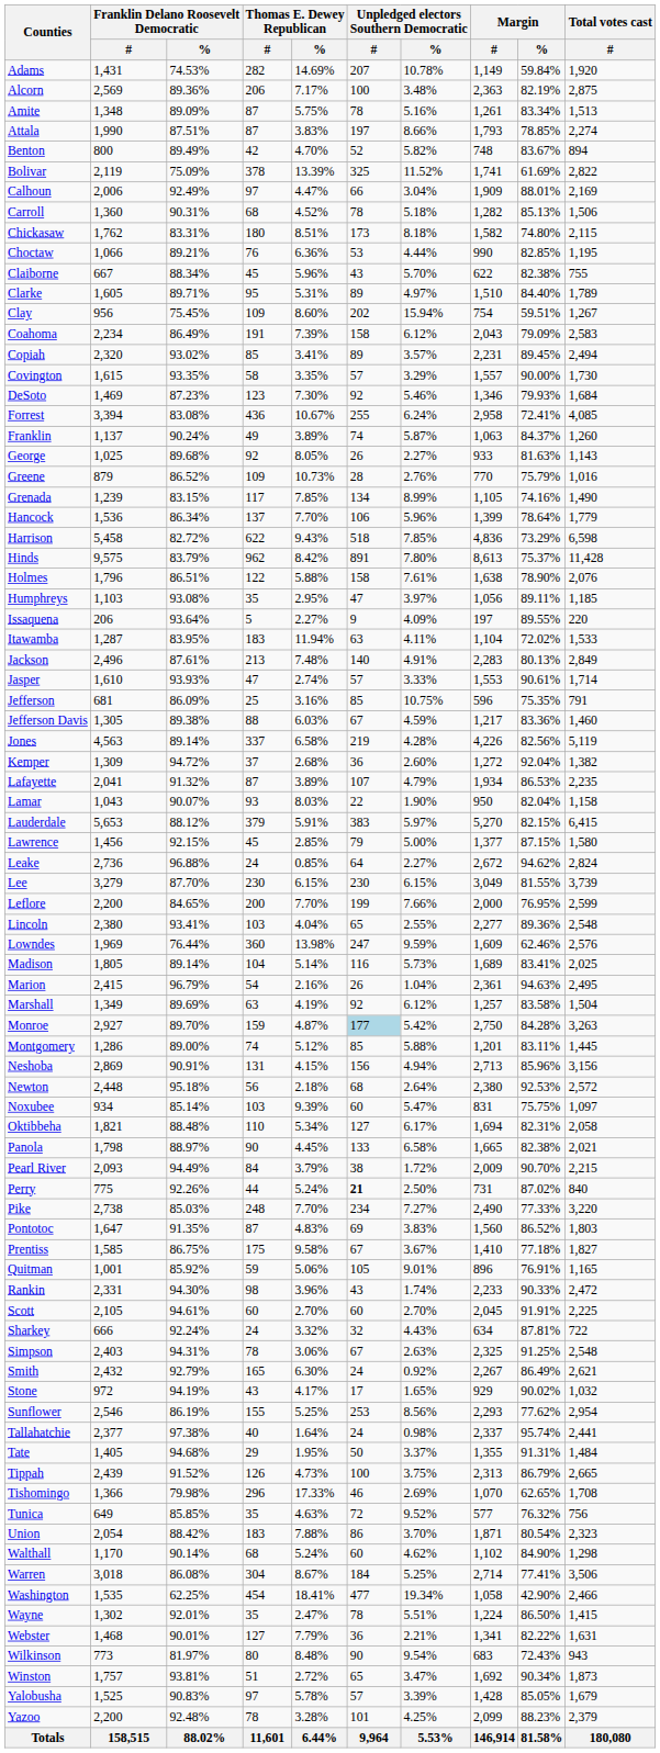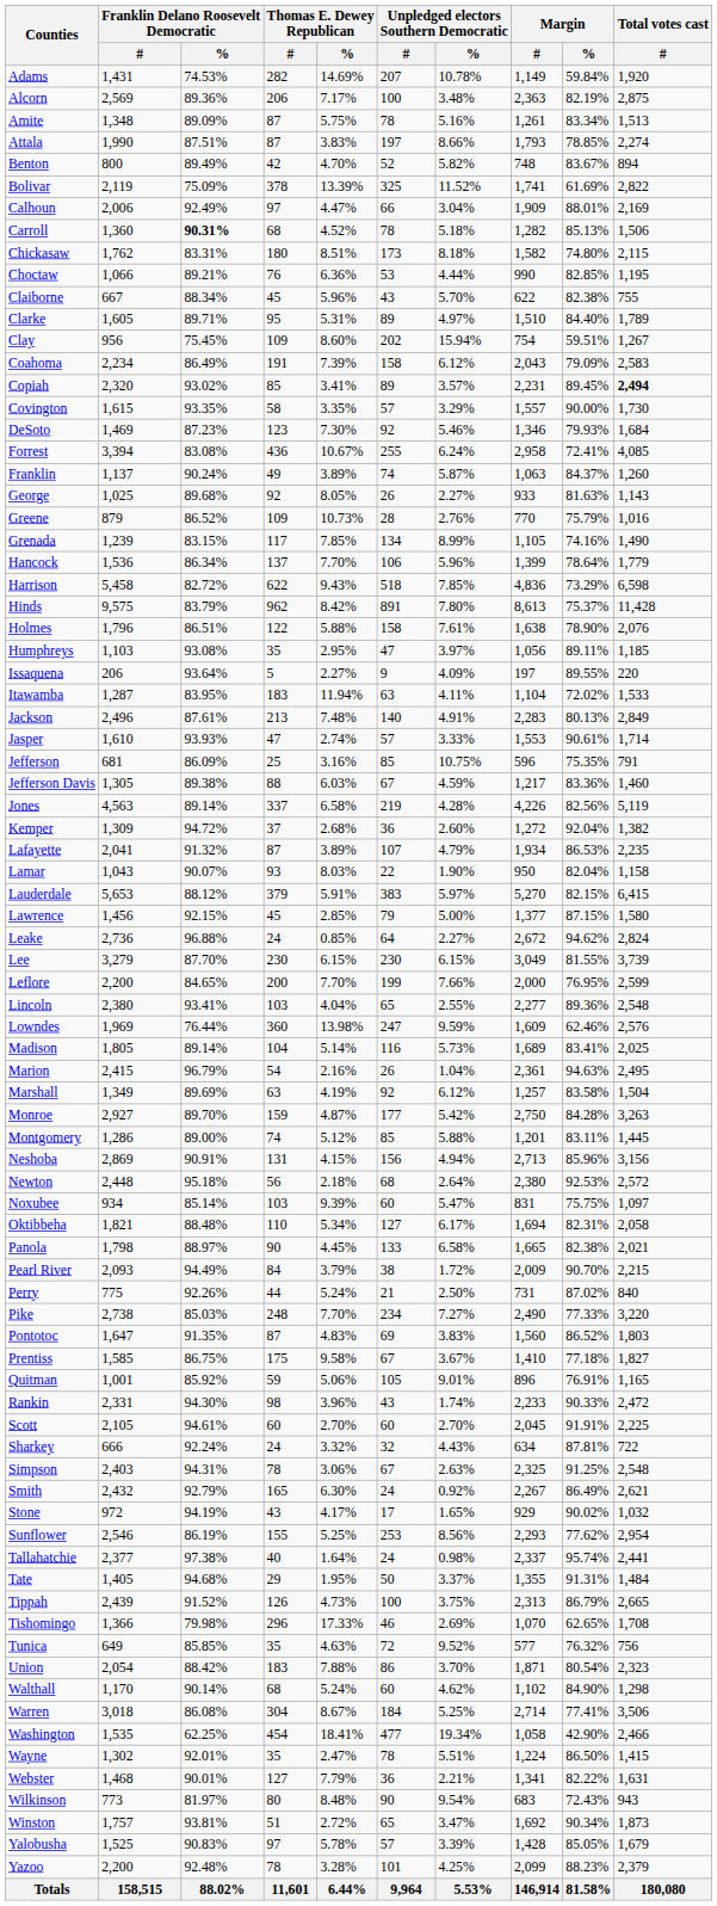 <table class="wikitable sortable">
 <tr>
 <th rowspan="2">Counties</th>
 <th colspan="2">Franklin Delano Roosevelt<br>Democratic</th>
 <th colspan="2">Thomas E. Dewey<br>Republican</th>
 <th colspan="2">Unpledged electors<br>Southern Democratic</th>
 <th colspan="2">Margin</th>
 <th>Total votes cast</th>
 </tr>
 <tr>
 <th>#</th>
 <th>%</th>
 <th>#</th>
 <th>%</th>
 <th>#</th>
 <th>%</th>
 <th>#</th>
 <th>%</th>
 <th>#</th>
 </tr>
 <tr>
 <td><a href='#'>Adams</a></td>
 <td>1,431</td>
 <td>74.53%</td>
 <td>282</td>
 <td>14.69%</td>
 <td>207</td>
 <td>10.78%</td>
 <td>1,149</td>
 <td>59.84%</td>
 <td>1,920</td>
 </tr>
 <tr>
 <td><a href='#'>Alcorn</a></td>
 <td>2,569</td>
 <td>89.36%</td>
 <td>206</td>
 <td>7.17%</td>
 <td>100</td>
 <td>3.48%</td>
 <td>2,363</td>
 <td>82.19%</td>
 <td>2,875</td>
 </tr>
 <tr>
 <td><a href='#'>Amite</a></td>
 <td>1,348</td>
 <td>89.09%</td>
 <td>87</td>
 <td>5.75%</td>
 <td>78</td>
 <td>5.16%</td>
 <td>1,261</td>
 <td>83.34%</td>
 <td>1,513</td>
 </tr>
 <tr>
 <td><a href='#'>Attala</a></td>
 <td>1,990</td>
 <td>87.51%</td>
 <td>87</td>
 <td>3.83%</td>
 <td>197</td>
 <td>8.66%</td>
 <td>1,793</td>
 <td>78.85%</td>
 <td>2,274</td>
 </tr>
 <tr>
 <td><a href='#'>Benton</a></td>
 <td>800</td>
 <td>89.49%</td>
 <td>42</td>
 <td>4.70%</td>
 <td>52</td>
 <td>5.82%</td>
 <td>748</td>
 <td>83.67%</td>
 <td>894</td>
 </tr>
 <tr>
 <td><a href='#'>Bolivar</a></td>
 <td>2,119</td>
 <td>75.09%</td>
 <td>378</td>
 <td>13.39%</td>
 <td>325</td>
 <td>11.52%</td>
 <td>1,741</td>
 <td>61.69%</td>
 <td>2,822</td>
 </tr>
 <tr>
 <td><a href='#'>Calhoun</a></td>
 <td>2,006</td>
 <td>92.49%</td>
 <td>97</td>
 <td>4.47%</td>
 <td>66</td>
 <td>3.04%</td>
 <td>1,909</td>
 <td>88.01%</td>
 <td>2,169</td>
 </tr>
 <tr>
 <td><a href='#'>Carroll</a></td>
 <td>1,360</td>
-<td>90.31%</td>
+<td><strong>90.31%</strong></td>
 <td>68</td>
 <td>4.52%</td>
 <td>78</td>
 <td>5.18%</td>
 <td>1,282</td>
 <td>85.13%</td>
 <td>1,506</td>
 </tr>
 <tr>
 <td><a href='#'>Chickasaw</a></td>
 <td>1,762</td>
 <td>83.31%</td>
 <td>180</td>
 <td>8.51%</td>
 <td>173</td>
 <td>8.18%</td>
 <td>1,582</td>
 <td>74.80%</td>
 <td>2,115</td>
 </tr>
 <tr>
 <td><a href='#'>Choctaw</a></td>
 <td>1,066</td>
 <td>89.21%</td>
 <td>76</td>
 <td>6.36%</td>
 <td>53</td>
 <td>4.44%</td>
 <td>990</td>
 <td>82.85%</td>
 <td>1,195</td>
 </tr>
 <tr>
 <td><a href='#'>Claiborne</a></td>
 <td>667</td>
 <td>88.34%</td>
 <td>45</td>
 <td>5.96%</td>
 <td>43</td>
 <td>5.70%</td>
 <td>622</td>
 <td>82.38%</td>
 <td>755</td>
 </tr>
 <tr>
 <td><a href='#'>Clarke</a></td>
 <td>1,605</td>
 <td>89.71%</td>
 <td>95</td>
 <td>5.31%</td>
 <td>89</td>
 <td>4.97%</td>
 <td>1,510</td>
 <td>84.40%</td>
 <td>1,789</td>
 </tr>
 <tr>
 <td><a href='#'>Clay</a></td>
 <td>956</td>
 <td>75.45%</td>
 <td>109</td>
 <td>8.60%</td>
 <td>202</td>
 <td>15.94%</td>
 <td>754</td>
 <td>59.51%</td>
 <td>1,267</td>
 </tr>
 <tr>
 <td><a href='#'>Coahoma</a></td>
 <td>2,234</td>
 <td>86.49%</td>
 <td>191</td>
 <td>7.39%</td>
 <td>158</td>
 <td>6.12%</td>
 <td>2,043</td>
 <td>79.09%</td>
 <td>2,583</td>
 </tr>
 <tr>
 <td><a href='#'>Copiah</a></td>
 <td>2,320</td>
 <td>93.02%</td>
 <td>85</td>
 <td>3.41%</td>
 <td>89</td>
 <td>3.57%</td>
 <td>2,231</td>
 <td>89.45%</td>
-<td>2,494</td>
+<td><strong>2,494</strong></td>
 </tr>
 <tr>
 <td><a href='#'>Covington</a></td>
 <td>1,615</td>
 <td>93.35%</td>
 <td>58</td>
 <td>3.35%</td>
 <td>57</td>
 <td>3.29%</td>
 <td>1,557</td>
 <td>90.00%</td>
 <td>1,730</td>
 </tr>
 <tr>
 <td><a href='#'>DeSoto</a></td>
 <td>1,469</td>
 <td>87.23%</td>
 <td>123</td>
 <td>7.30%</td>
 <td>92</td>
 <td>5.46%</td>
 <td>1,346</td>
 <td>79.93%</td>
 <td>1,684</td>
 </tr>
 <tr>
 <td><a href='#'>Forrest</a></td>
 <td>3,394</td>
 <td>83.08%</td>
 <td>436</td>
 <td>10.67%</td>
 <td>255</td>
 <td>6.24%</td>
 <td>2,958</td>
 <td>72.41%</td>
 <td>4,085</td>
 </tr>
 <tr>
 <td><a href='#'>Franklin</a></td>
 <td>1,137</td>
 <td>90.24%</td>
 <td>49</td>
 <td>3.89%</td>
 <td>74</td>
 <td>5.87%</td>
 <td>1,063</td>
 <td>84.37%</td>
 <td>1,260</td>
 </tr>
 <tr>
 <td><a href='#'>George</a></td>
 <td>1,025</td>
 <td>89.68%</td>
 <td>92</td>
 <td>8.05%</td>
 <td>26</td>
 <td>2.27%</td>
 <td>933</td>
 <td>81.63%</td>
 <td>1,143</td>
 </tr>
 <tr>
 <td><a href='#'>Greene</a></td>
 <td>879</td>
 <td>86.52%</td>
 <td>109</td>
 <td>10.73%</td>
 <td>28</td>
 <td>2.76%</td>
 <td>770</td>
 <td>75.79%</td>
 <td>1,016</td>
 </tr>
 <tr>
 <td><a href='#'>Grenada</a></td>
 <td>1,239</td>
 <td>83.15%</td>
 <td>117</td>
 <td>7.85%</td>
 <td>134</td>
 <td>8.99%</td>
 <td>1,105</td>
 <td>74.16%</td>
 <td>1,490</td>
 </tr>
 <tr>
 <td><a href='#'>Hancock</a></td>
 <td>1,536</td>
 <td>86.34%</td>
 <td>137</td>
 <td>7.70%</td>
 <td>106</td>
 <td>5.96%</td>
 <td>1,399</td>
 <td>78.64%</td>
 <td>1,779</td>
 </tr>
 <tr>
 <td><a href='#'>Harrison</a></td>
 <td>5,458</td>
 <td>82.72%</td>
 <td>622</td>
 <td>9.43%</td>
 <td>518</td>
 <td>7.85%</td>
 <td>4,836</td>
 <td>73.29%</td>
 <td>6,598</td>
 </tr>
 <tr>
 <td><a href='#'>Hinds</a></td>
 <td>9,575</td>
 <td>83.79%</td>
 <td>962</td>
 <td>8.42%</td>
 <td>891</td>
 <td>7.80%</td>
 <td>8,613</td>
 <td>75.37%</td>
 <td>11,428</td>
 </tr>
 <tr>
 <td><a href='#'>Holmes</a></td>
 <td>1,796</td>
 <td>86.51%</td>
 <td>122</td>
 <td>5.88%</td>
 <td>158</td>
 <td>7.61%</td>
 <td>1,638</td>
 <td>78.90%</td>
 <td>2,076</td>
 </tr>
 <tr>
 <td><a href='#'>Humphreys</a></td>
 <td>1,103</td>
 <td>93.08%</td>
 <td>35</td>
 <td>2.95%</td>
 <td>47</td>
 <td>3.97%</td>
 <td>1,056</td>
 <td>89.11%</td>
 <td>1,185</td>
 </tr>
 <tr>
 <td><a href='#'>Issaquena</a></td>
 <td>206</td>
 <td>93.64%</td>
 <td>5</td>
 <td>2.27%</td>
 <td>9</td>
 <td>4.09%</td>
 <td>197</td>
 <td>89.55%</td>
 <td>220</td>
 </tr>
 <tr>
 <td><a href='#'>Itawamba</a></td>
 <td>1,287</td>
 <td>83.95%</td>
 <td>183</td>
 <td>11.94%</td>
 <td>63</td>
 <td>4.11%</td>
 <td>1,104</td>
 <td>72.02%</td>
 <td>1,533</td>
 </tr>
 <tr>
 <td><a href='#'>Jackson</a></td>
 <td>2,496</td>
 <td>87.61%</td>
 <td>213</td>
 <td>7.48%</td>
 <td>140</td>
 <td>4.91%</td>
 <td>2,283</td>
 <td>80.13%</td>
 <td>2,849</td>
 </tr>
 <tr>
 <td><a href='#'>Jasper</a></td>
 <td>1,610</td>
 <td>93.93%</td>
 <td>47</td>
 <td>2.74%</td>
 <td>57</td>
 <td>3.33%</td>
 <td>1,553</td>
 <td>90.61%</td>
 <td>1,714</td>
 </tr>
 <tr>
 <td><a href='#'>Jefferson</a></td>
 <td>681</td>
 <td>86.09%</td>
 <td>25</td>
 <td>3.16%</td>
 <td>85</td>
 <td>10.75%</td>
 <td>596</td>
 <td>75.35%</td>
 <td>791</td>
 </tr>
 <tr>
 <td><a href='#'>Jefferson Davis</a></td>
 <td>1,305</td>
 <td>89.38%</td>
 <td>88</td>
 <td>6.03%</td>
 <td>67</td>
 <td>4.59%</td>
 <td>1,217</td>
 <td>83.36%</td>
 <td>1,460</td>
 </tr>
 <tr>
 <td><a href='#'>Jones</a></td>
 <td>4,563</td>
 <td>89.14%</td>
 <td>337</td>
 <td>6.58%</td>
 <td>219</td>
 <td>4.28%</td>
 <td>4,226</td>
 <td>82.56%</td>
 <td>5,119</td>
 </tr>
 <tr>
 <td><a href='#'>Kemper</a></td>
 <td>1,309</td>
 <td>94.72%</td>
 <td>37</td>
 <td>2.68%</td>
 <td>36</td>
 <td>2.60%</td>
 <td>1,272</td>
 <td>92.04%</td>
 <td>1,382</td>
 </tr>
 <tr>
 <td><a href='#'>Lafayette</a></td>
 <td>2,041</td>
 <td>91.32%</td>
 <td>87</td>
 <td>3.89%</td>
 <td>107</td>
 <td>4.79%</td>
 <td>1,934</td>
 <td>86.53%</td>
 <td>2,235</td>
 </tr>
 <tr>
 <td><a href='#'>Lamar</a></td>
 <td>1,043</td>
 <td>90.07%</td>
 <td>93</td>
 <td>8.03%</td>
 <td>22</td>
 <td>1.90%</td>
 <td>950</td>
 <td>82.04%</td>
 <td>1,158</td>
 </tr>
 <tr>
 <td><a href='#'>Lauderdale</a></td>
 <td>5,653</td>
 <td>88.12%</td>
 <td>379</td>
 <td>5.91%</td>
 <td>383</td>
 <td>5.97%</td>
 <td>5,270</td>
 <td>82.15%</td>
 <td>6,415</td>
 </tr>
 <tr>
 <td><a href='#'>Lawrence</a></td>
 <td>1,456</td>
 <td>92.15%</td>
 <td>45</td>
 <td>2.85%</td>
 <td>79</td>
 <td>5.00%</td>
 <td>1,377</td>
 <td>87.15%</td>
 <td>1,580</td>
 </tr>
 <tr>
 <td><a href='#'>Leake</a></td>
 <td>2,736</td>
 <td>96.88%</td>
 <td>24</td>
 <td>0.85%</td>
 <td>64</td>
 <td>2.27%</td>
 <td>2,672</td>
 <td>94.62%</td>
 <td>2,824</td>
 </tr>
 <tr>
 <td><a href='#'>Lee</a></td>
 <td>3,279</td>
 <td>87.70%</td>
 <td>230</td>
 <td>6.15%</td>
 <td>230</td>
 <td>6.15%</td>
 <td>3,049</td>
 <td>81.55%</td>
 <td>3,739</td>
 </tr>
 <tr>
 <td><a href='#'>Leflore</a></td>
 <td>2,200</td>
 <td>84.65%</td>
 <td>200</td>
 <td>7.70%</td>
 <td>199</td>
 <td>7.66%</td>
 <td>2,000</td>
 <td>76.95%</td>
 <td>2,599</td>
 </tr>
 <tr>
 <td><a href='#'>Lincoln</a></td>
 <td>2,380</td>
 <td>93.41%</td>
 <td>103</td>
 <td>4.04%</td>
 <td>65</td>
 <td>2.55%</td>
 <td>2,277</td>
 <td>89.36%</td>
 <td>2,548</td>
 </tr>
 <tr>
 <td><a href='#'>Lowndes</a></td>
 <td>1,969</td>
 <td>76.44%</td>
 <td>360</td>
 <td>13.98%</td>
 <td>247</td>
 <td>9.59%</td>
 <td>1,609</td>
 <td>62.46%</td>
 <td>2,576</td>
 </tr>
 <tr>
 <td><a href='#'>Madison</a></td>
 <td>1,805</td>
 <td>89.14%</td>
 <td>104</td>
 <td>5.14%</td>
 <td>116</td>
 <td>5.73%</td>
 <td>1,689</td>
 <td>83.41%</td>
 <td>2,025</td>
 </tr>
 <tr>
 <td><a href='#'>Marion</a></td>
 <td>2,415</td>
 <td>96.79%</td>
 <td>54</td>
 <td>2.16%</td>
 <td>26</td>
 <td>1.04%</td>
 <td>2,361</td>
 <td>94.63%</td>
 <td>2,495</td>
 </tr>
 <tr>
 <td><a href='#'>Marshall</a></td>
 <td>1,349</td>
 <td>89.69%</td>
 <td>63</td>
 <td>4.19%</td>
 <td>92</td>
 <td>6.12%</td>
 <td>1,257</td>
 <td>83.58%</td>
 <td>1,504</td>
 </tr>
 <tr>
 <td><a href='#'>Monroe</a></td>
 <td>2,927</td>
 <td>89.70%</td>
 <td>159</td>
 <td>4.87%</td>
-<td style="background: lightblue;">177</td>
+<td>177</td>
 <td>5.42%</td>
 <td>2,750</td>
 <td>84.28%</td>
 <td>3,263</td>
 </tr>
 <tr>
 <td><a href='#'>Montgomery</a></td>
 <td>1,286</td>
 <td>89.00%</td>
 <td>74</td>
 <td>5.12%</td>
 <td>85</td>
 <td>5.88%</td>
 <td>1,201</td>
 <td>83.11%</td>
 <td>1,445</td>
 </tr>
 <tr>
 <td><a href='#'>Neshoba</a></td>
 <td>2,869</td>
 <td>90.91%</td>
 <td>131</td>
 <td>4.15%</td>
 <td>156</td>
 <td>4.94%</td>
 <td>2,713</td>
 <td>85.96%</td>
 <td>3,156</td>
 </tr>
 <tr>
 <td><a href='#'>Newton</a></td>
 <td>2,448</td>
 <td>95.18%</td>
 <td>56</td>
 <td>2.18%</td>
 <td>68</td>
 <td>2.64%</td>
 <td>2,380</td>
 <td>92.53%</td>
 <td>2,572</td>
 </tr>
 <tr>
 <td><a href='#'>Noxubee</a></td>
 <td>934</td>
 <td>85.14%</td>
 <td>103</td>
 <td>9.39%</td>
 <td>60</td>
 <td>5.47%</td>
 <td>831</td>
 <td>75.75%</td>
 <td>1,097</td>
 </tr>
 <tr>
 <td><a href='#'>Oktibbeha</a></td>
 <td>1,821</td>
 <td>88.48%</td>
 <td>110</td>
 <td>5.34%</td>
 <td>127</td>
 <td>6.17%</td>
 <td>1,694</td>
 <td>82.31%</td>
 <td>2,058</td>
 </tr>
 <tr>
 <td><a href='#'>Panola</a></td>
 <td>1,798</td>
 <td>88.97%</td>
 <td>90</td>
 <td>4.45%</td>
 <td>133</td>
 <td>6.58%</td>
 <td>1,665</td>
 <td>82.38%</td>
 <td>2,021</td>
 </tr>
 <tr>
 <td><a href='#'>Pearl River</a></td>
 <td>2,093</td>
 <td>94.49%</td>
 <td>84</td>
 <td>3.79%</td>
 <td>38</td>
 <td>1.72%</td>
 <td>2,009</td>
 <td>90.70%</td>
 <td>2,215</td>
 </tr>
 <tr>
 <td><a href='#'>Perry</a></td>
 <td>775</td>
 <td>92.26%</td>
 <td>44</td>
 <td>5.24%</td>
-<td><strong>21</strong></td>
+<td>21</td>
 <td>2.50%</td>
 <td>731</td>
 <td>87.02%</td>
 <td>840</td>
 </tr>
 <tr>
 <td><a href='#'>Pike</a></td>
 <td>2,738</td>
 <td>85.03%</td>
 <td>248</td>
 <td>7.70%</td>
 <td>234</td>
 <td>7.27%</td>
 <td>2,490</td>
 <td>77.33%</td>
 <td>3,220</td>
 </tr>
 <tr>
 <td><a href='#'>Pontotoc</a></td>
 <td>1,647</td>
 <td>91.35%</td>
 <td>87</td>
 <td>4.83%</td>
 <td>69</td>
 <td>3.83%</td>
 <td>1,560</td>
 <td>86.52%</td>
 <td>1,803</td>
 </tr>
 <tr>
 <td><a href='#'>Prentiss</a></td>
 <td>1,585</td>
 <td>86.75%</td>
 <td>175</td>
 <td>9.58%</td>
 <td>67</td>
 <td>3.67%</td>
 <td>1,410</td>
 <td>77.18%</td>
 <td>1,827</td>
 </tr>
 <tr>
 <td><a href='#'>Quitman</a></td>
 <td>1,001</td>
 <td>85.92%</td>
 <td>59</td>
 <td>5.06%</td>
 <td>105</td>
 <td>9.01%</td>
 <td>896</td>
 <td>76.91%</td>
 <td>1,165</td>
 </tr>
 <tr>
 <td><a href='#'>Rankin</a></td>
 <td>2,331</td>
 <td>94.30%</td>
 <td>98</td>
 <td>3.96%</td>
 <td>43</td>
 <td>1.74%</td>
 <td>2,233</td>
 <td>90.33%</td>
 <td>2,472</td>
 </tr>
 <tr>
 <td><a href='#'>Scott</a></td>
 <td>2,105</td>
 <td>94.61%</td>
 <td>60</td>
 <td>2.70%</td>
 <td>60</td>
 <td>2.70%</td>
 <td>2,045</td>
 <td>91.91%</td>
 <td>2,225</td>
 </tr>
 <tr>
 <td><a href='#'>Sharkey</a></td>
 <td>666</td>
 <td>92.24%</td>
 <td>24</td>
 <td>3.32%</td>
 <td>32</td>
 <td>4.43%</td>
 <td>634</td>
 <td>87.81%</td>
 <td>722</td>
 </tr>
 <tr>
 <td><a href='#'>Simpson</a></td>
 <td>2,403</td>
 <td>94.31%</td>
 <td>78</td>
 <td>3.06%</td>
 <td>67</td>
 <td>2.63%</td>
 <td>2,325</td>
 <td>91.25%</td>
 <td>2,548</td>
 </tr>
 <tr>
 <td><a href='#'>Smith</a></td>
 <td>2,432</td>
 <td>92.79%</td>
 <td>165</td>
 <td>6.30%</td>
 <td>24</td>
 <td>0.92%</td>
 <td>2,267</td>
 <td>86.49%</td>
 <td>2,621</td>
 </tr>
 <tr>
 <td><a href='#'>Stone</a></td>
 <td>972</td>
 <td>94.19%</td>
 <td>43</td>
 <td>4.17%</td>
 <td>17</td>
 <td>1.65%</td>
 <td>929</td>
 <td>90.02%</td>
 <td>1,032</td>
 </tr>
 <tr>
 <td><a href='#'>Sunflower</a></td>
 <td>2,546</td>
 <td>86.19%</td>
 <td>155</td>
 <td>5.25%</td>
 <td>253</td>
 <td>8.56%</td>
 <td>2,293</td>
 <td>77.62%</td>
 <td>2,954</td>
 </tr>
 <tr>
 <td><a href='#'>Tallahatchie</a></td>
 <td>2,377</td>
 <td>97.38%</td>
 <td>40</td>
 <td>1.64%</td>
 <td>24</td>
 <td>0.98%</td>
 <td>2,337</td>
 <td>95.74%</td>
 <td>2,441</td>
 </tr>
 <tr>
 <td><a href='#'>Tate</a></td>
 <td>1,405</td>
 <td>94.68%</td>
 <td>29</td>
 <td>1.95%</td>
 <td>50</td>
 <td>3.37%</td>
 <td>1,355</td>
 <td>91.31%</td>
 <td>1,484</td>
 </tr>
 <tr>
 <td><a href='#'>Tippah</a></td>
 <td>2,439</td>
 <td>91.52%</td>
 <td>126</td>
 <td>4.73%</td>
 <td>100</td>
 <td>3.75%</td>
 <td>2,313</td>
 <td>86.79%</td>
 <td>2,665</td>
 </tr>
 <tr>
 <td><a href='#'>Tishomingo</a></td>
 <td>1,366</td>
 <td>79.98%</td>
 <td>296</td>
 <td>17.33%</td>
 <td>46</td>
 <td>2.69%</td>
 <td>1,070</td>
 <td>62.65%</td>
 <td>1,708</td>
 </tr>
 <tr>
 <td><a href='#'>Tunica</a></td>
 <td>649</td>
 <td>85.85%</td>
 <td>35</td>
 <td>4.63%</td>
 <td>72</td>
 <td>9.52%</td>
 <td>577</td>
 <td>76.32%</td>
 <td>756</td>
 </tr>
 <tr>
 <td><a href='#'>Union</a></td>
 <td>2,054</td>
 <td>88.42%</td>
 <td>183</td>
 <td>7.88%</td>
 <td>86</td>
 <td>3.70%</td>
 <td>1,871</td>
 <td>80.54%</td>
 <td>2,323</td>
 </tr>
 <tr>
 <td><a href='#'>Walthall</a></td>
 <td>1,170</td>
 <td>90.14%</td>
 <td>68</td>
 <td>5.24%</td>
 <td>60</td>
 <td>4.62%</td>
 <td>1,102</td>
 <td>84.90%</td>
 <td>1,298</td>
 </tr>
 <tr>
 <td><a href='#'>Warren</a></td>
 <td>3,018</td>
 <td>86.08%</td>
 <td>304</td>
 <td>8.67%</td>
 <td>184</td>
 <td>5.25%</td>
 <td>2,714</td>
 <td>77.41%</td>
 <td>3,506</td>
 </tr>
 <tr>
 <td><a href='#'>Washington</a></td>
 <td>1,535</td>
 <td>62.25%</td>
 <td>454</td>
 <td>18.41%</td>
 <td>477</td>
 <td>19.34%</td>
 <td>1,058</td>
 <td>42.90%</td>
 <td>2,466</td>
 </tr>
 <tr>
 <td><a href='#'>Wayne</a></td>
 <td>1,302</td>
 <td>92.01%</td>
 <td>35</td>
 <td>2.47%</td>
 <td>78</td>
 <td>5.51%</td>
 <td>1,224</td>
 <td>86.50%</td>
 <td>1,415</td>
 </tr>
 <tr>
 <td><a href='#'>Webster</a></td>
 <td>1,468</td>
 <td>90.01%</td>
 <td>127</td>
 <td>7.79%</td>
 <td>36</td>
 <td>2.21%</td>
 <td>1,341</td>
 <td>82.22%</td>
 <td>1,631</td>
 </tr>
 <tr>
 <td><a href='#'>Wilkinson</a></td>
 <td>773</td>
 <td>81.97%</td>
 <td>80</td>
 <td>8.48%</td>
 <td>90</td>
 <td>9.54%</td>
 <td>683</td>
 <td>72.43%</td>
 <td>943</td>
 </tr>
 <tr>
 <td><a href='#'>Winston</a></td>
 <td>1,757</td>
 <td>93.81%</td>
 <td>51</td>
 <td>2.72%</td>
 <td>65</td>
 <td>3.47%</td>
 <td>1,692</td>
 <td>90.34%</td>
 <td>1,873</td>
 </tr>
 <tr>
 <td><a href='#'>Yalobusha</a></td>
 <td>1,525</td>
 <td>90.83%</td>
 <td>97</td>
 <td>5.78%</td>
 <td>57</td>
 <td>3.39%</td>
 <td>1,428</td>
 <td>85.05%</td>
 <td>1,679</td>
 </tr>
 <tr>
 <td><a href='#'>Yazoo</a></td>
 <td>2,200</td>
 <td>92.48%</td>
 <td>78</td>
 <td>3.28%</td>
 <td>101</td>
 <td>4.25%</td>
 <td>2,099</td>
 <td>88.23%</td>
 <td>2,379</td>
 </tr>
 <tr>
 <th>Totals</th>
 <th>158,515</th>
 <th>88.02%</th>
 <th>11,601</th>
 <th>6.44%</th>
 <th>9,964</th>
 <th>5.53%</th>
 <th>146,914</th>
 <th>81.58%</th>
 <th>180,080</th>
 </tr>
 </table>
